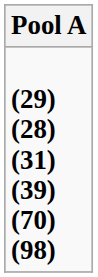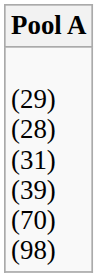 <table class="wikitable">
 <tr>
 <th>Pool A</th>
 </tr>
 <tr>
-<td><strong><br> (29)<br>  (28)<br>  (31)<br>  (39)<br>  (70)<br>  (98)</strong></td>
+<td><br> (29)<br>  (28)<br>  (31)<br>  (39)<br>  (70)<br>  (98)</td>
 </tr>
 </table>
